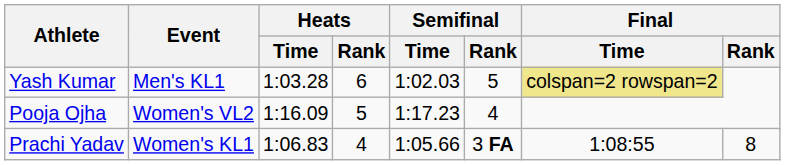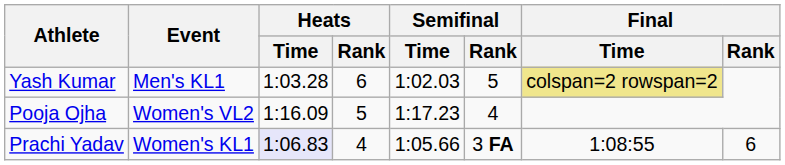 <table class="wikitable" style="font-size:90%">
 <tr>
 <th rowspan="2">Athlete</th>
 <th rowspan="2">Event</th>
 <th colspan="2">Heats</th>
 <th colspan="2">Semifinal</th>
 <th colspan="2">Final</th>
 </tr>
 <tr>
 <th>Time</th>
 <th>Rank</th>
 <th>Time</th>
 <th>Rank</th>
 <th>Time</th>
 <th>Rank</th>
 </tr>
 <tr align=center>
 <td align=left><a href='#'>Yash Kumar</a></td>
 <td align=left><a href='#'>Men's KL1</a></td>
 <td>1:03.28</td>
 <td>6</td>
 <td>1:02.03</td>
 <td>5</td>
 <td style="background: khaki;">colspan=2 rowspan=2 </td>
 </tr>
 <tr align=center>
 <td align=left><a href='#'>Pooja Ojha</a></td>
 <td align=left><a href='#'>Women's VL2</a></td>
 <td>1:16.09</td>
 <td>5</td>
 <td>1:17.23</td>
 <td>4</td>
 </tr>
 <tr align=center>
 <td align=left><a href='#'>Prachi Yadav</a></td>
 <td align=left><a href='#'>Women's KL1</a></td>
-<td>1:06.83</td>
+<td style="background: lavender;">1:06.83</td>
 <td>4</td>
 <td>1:05.66</td>
 <td>3 <strong>FA</strong></td>
 <td>1:08:55</td>
-<td>8</td>
+<td>6</td>
 </tr>
 </table>
